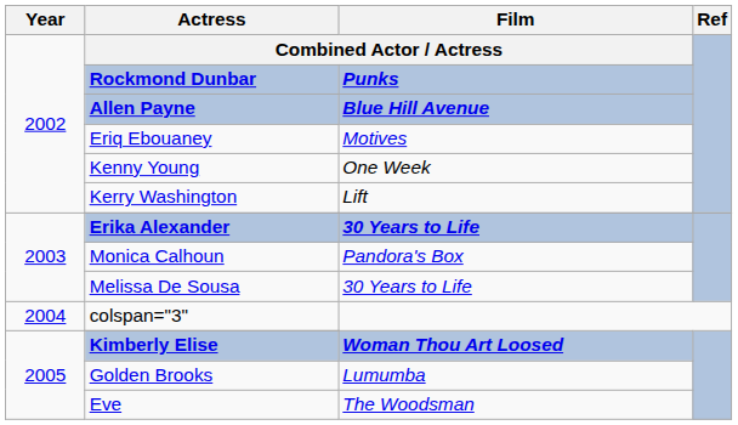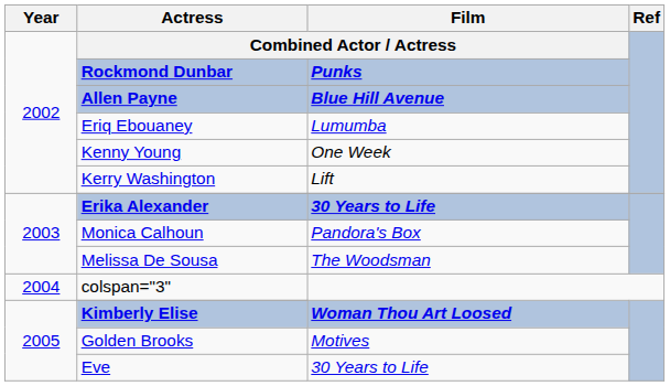 <table class="wikitable" style="width:100%;">
 <tr style="background:#bebebe;">
 <th style="width:11%;">Year</th>
 <th style="width:35%;">Actress</th>
 <th style="width:49%;">Film</th>
 <th style="width:5%;">Ref</th>
 </tr>
 <tr>
 <td rowspan="6" align="center"><a href='#'>2002</a></td>
 <th colspan="2">Combined Actor / Actress</th>
 <td rowspan="6" align="center" style="background:#B0C4DE"></td>
 </tr>
 <tr style="background:#B0C4DE">
 <td><strong><a href='#'>Rockmond Dunbar</a></strong></td>
 <td><strong><em><a href='#'>Punks</a></em></strong></td>
 </tr>
 <tr style="background:#B0C4DE">
 <td><strong><a href='#'>Allen Payne</a></strong></td>
 <td><strong><em><a href='#'>Blue Hill Avenue</a></em></strong></td>
 </tr>
 <tr>
 <td><a href='#'>Eriq Ebouaney</a></td>
-<td><em><a href='#'>Motives</a></em></td>
+<td><em><a href='#'>Lumumba</a></em></td>
 </tr>
 <tr>
 <td><a href='#'>Kenny Young</a></td>
 <td><em>One Week</em></td>
 </tr>
 <tr>
 <td><a href='#'>Kerry Washington</a></td>
 <td><em>Lift</em></td>
 </tr>
 <tr>
 <td rowspan="4" align="center"><a href='#'>2003</a></td>
 </tr>
 <tr style="background:#B0C4DE">
 <td><strong><a href='#'>Erika Alexander</a></strong></td>
 <td><strong><em><a href='#'>30 Years to Life</a></em></strong></td>
 <td rowspan="3" align="center"></td>
 </tr>
 <tr>
 <td><a href='#'>Monica Calhoun</a></td>
 <td><em><a href='#'>Pandora's Box</a></em></td>
 </tr>
 <tr>
 <td><a href='#'>Melissa De Sousa</a></td>
-<td><em><a href='#'>30 Years to Life</a></em></td>
+<td><em><a href='#'>The Woodsman</a></em></td>
 </tr>
 <tr>
 <td align="center"><a href='#'>2004</a></td>
 <td>colspan="3" </td>
 </tr>
 <tr>
 <td rowspan="4" align="center"><a href='#'>2005</a></td>
 </tr>
 <tr style="background:#B0C4DE">
 <td><strong><a href='#'>Kimberly Elise</a></strong></td>
 <td><strong><em><a href='#'>Woman Thou Art Loosed</a></em></strong></td>
 <td rowspan="4" align="center"></td>
 </tr>
 <tr>
 <td><a href='#'>Golden Brooks</a></td>
-<td><em><a href='#'>Lumumba</a></em></td>
+<td><em><a href='#'>Motives</a></em></td>
 </tr>
 <tr>
 <td><a href='#'>Eve</a></td>
-<td><em><a href='#'>The Woodsman</a></em></td>
+<td><em><a href='#'>30 Years to Life</a></em></td>
 </tr>
 </table>
